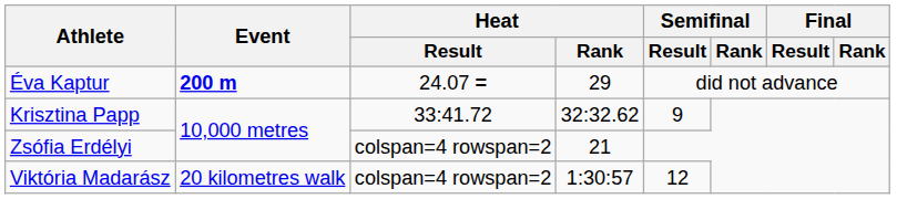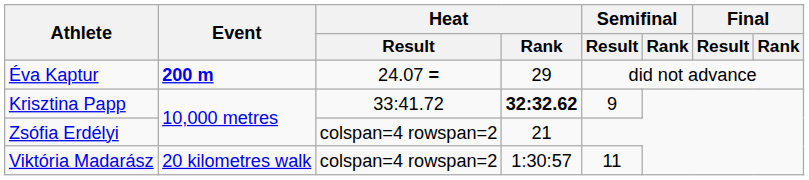 <table class="wikitable" style="font-size:90%">
 <tr>
 <th rowspan=2>Athlete</th>
 <th rowspan=2>Event</th>
 <th colspan=2>Heat</th>
 <th colspan=2>Semifinal</th>
 <th colspan=2>Final</th>
 </tr>
 <tr style="font-size:95%">
 <th>Result</th>
 <th>Rank</th>
 <th>Result</th>
 <th>Rank</th>
 <th>Result</th>
 <th>Rank</th>
 </tr>
 <tr align=center>
 <td align=left><a href='#'>Éva Kaptur</a></td>
 <td style="text-align:left;"><strong><a href='#'>200 m</a></strong></td>
 <td>24.07 <strong>=</strong></td>
 <td>29</td>
 <td colspan=4>did not advance</td>
 </tr>
 <tr align=center>
 <td align=left><a href='#'>Krisztina Papp</a></td>
 <td style="text-align:left;" rowspan=2><a href='#'>10,000 metres</a></td>
 <td>33:41.72</td>
-<td>32:32.62</td>
+<td><strong>32:32.62</strong></td>
 <td>9</td>
 </tr>
 <tr align=center>
 <td align=left><a href='#'>Zsófia Erdélyi</a></td>
 <td>colspan=4 rowspan=2 </td>
 <td>21</td>
 </tr>
 <tr align=center>
 <td align=left><a href='#'>Viktória Madarász</a></td>
 <td style="text-align:left;"><a href='#'>20 kilometres walk</a></td>
 <td>colspan=4 rowspan=2 </td>
 <td>1:30:57 <strong></strong></td>
-<td>12</td>
+<td>11</td>
 </tr>
 </table>
